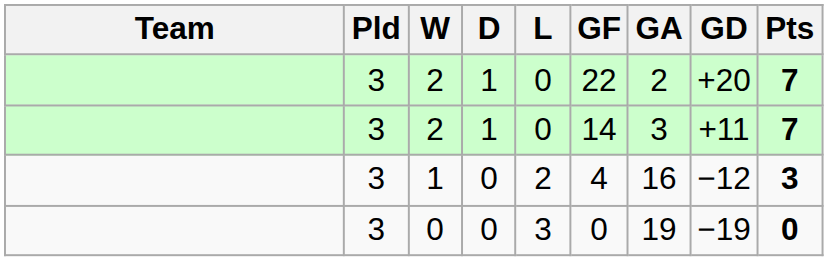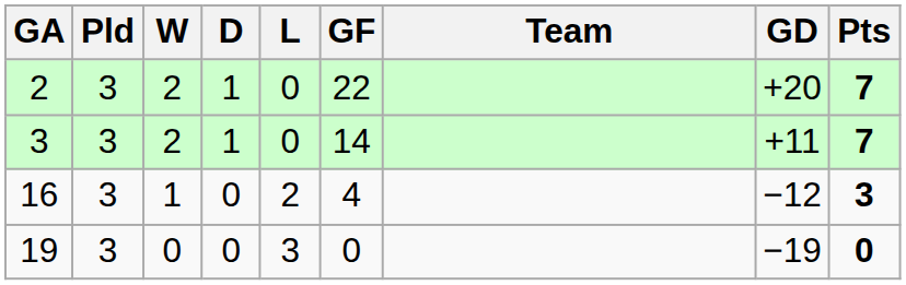 <table class="wikitable" style="text-align:center;">
 <tr>
-<th width=165>Team</th>
+<th width=20>GA</th>
 <th width=20>Pld</th>
 <th width=20>W</th>
 <th width=20>D</th>
 <th width=20>L</th>
 <th width=20>GF</th>
-<th width=20>GA</th>
+<th width=165>Team</th>
 <th width=20>GD</th>
 <th width=20>Pts</th>
 </tr>
 <tr style="background:#cfc;">
-<td style="text-align:left;"></td>
+<td>2</td>
 <td>3</td>
 <td>2</td>
 <td>1</td>
 <td>0</td>
 <td>22</td>
-<td>2</td>
+<td style="text-align:left;"></td>
 <td>+20</td>
 <td><strong>7</strong></td>
 </tr>
 <tr style="background:#cfc;">
-<td style="text-align:left;"></td>
+<td>3</td>
 <td>3</td>
 <td>2</td>
 <td>1</td>
 <td>0</td>
 <td>14</td>
-<td>3</td>
+<td style="text-align:left;"></td>
 <td>+11</td>
 <td><strong>7</strong></td>
 </tr>
 <tr>
-<td style="text-align:left;"></td>
+<td>16</td>
 <td>3</td>
 <td>1</td>
 <td>0</td>
 <td>2</td>
 <td>4</td>
-<td>16</td>
+<td style="text-align:left;"></td>
 <td>−12</td>
 <td><strong>3</strong></td>
 </tr>
 <tr>
-<td style="text-align:left;"></td>
+<td>19</td>
 <td>3</td>
 <td>0</td>
 <td>0</td>
 <td>3</td>
 <td>0</td>
-<td>19</td>
+<td style="text-align:left;"></td>
 <td>−19</td>
 <td><strong>0</strong></td>
 </tr>
 </table>
